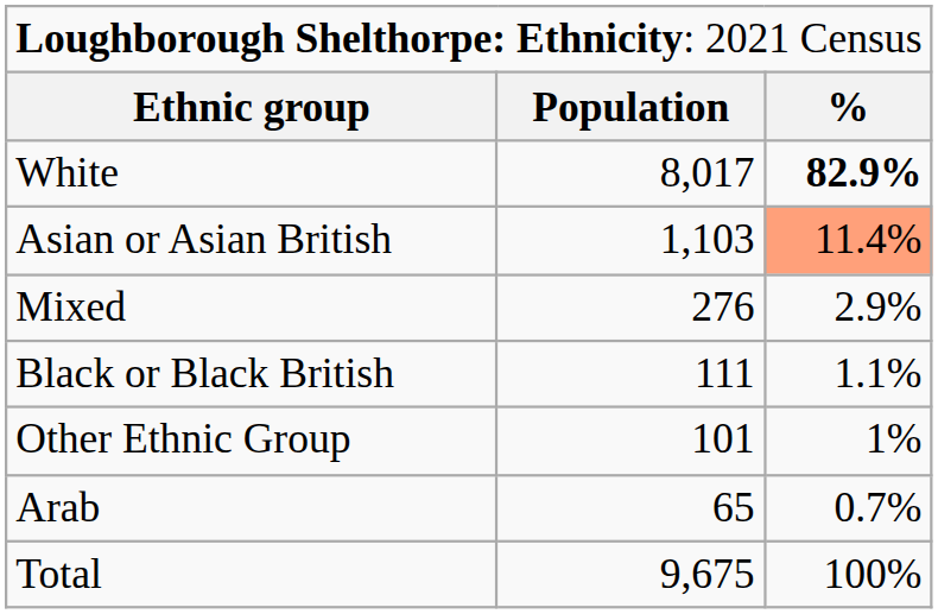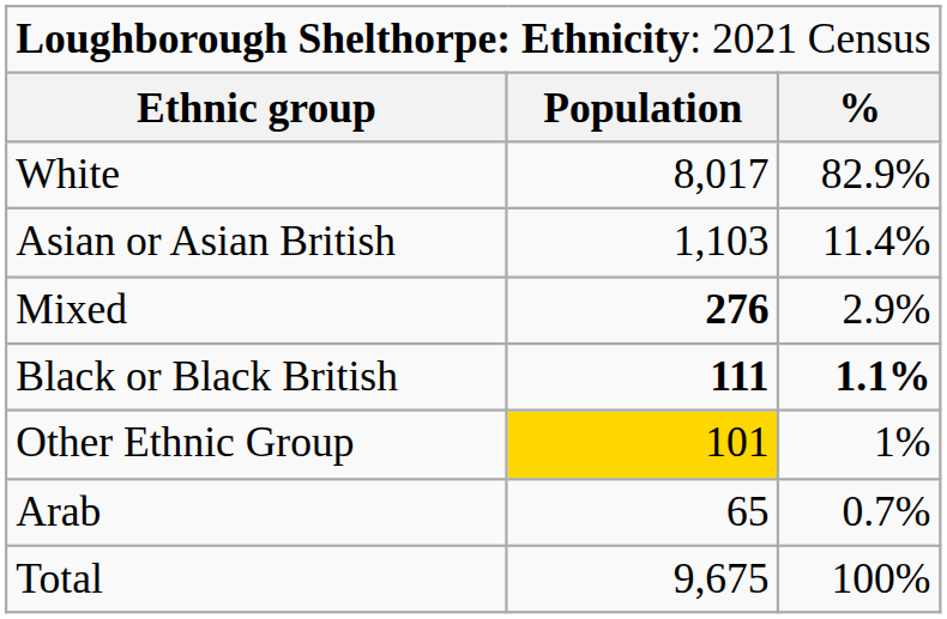 <table class="wikitable">
 <tr>
 <td colspan="14" style="text-align:right;"><strong>Loughborough Shelthorpe: Ethnicity</strong>: 2021 Census</td>
 </tr>
 <tr>
 <th>Ethnic group</th>
 <th>Population</th>
 <th>%</th>
 </tr>
 <tr>
 <td>White</td>
 <td style="text-align:right;">8,017</td>
-<td style="text-align:right;"><strong>82.9%</strong></td>
+<td style="text-align:right;">82.9%</td>
 </tr>
 <tr>
 <td>Asian or Asian British</td>
 <td style="text-align:right;">1,103</td>
-<td style="background: lightsalmon; text-align:right;">11.4%</td>
+<td style="text-align:right;">11.4%</td>
 </tr>
 <tr>
 <td>Mixed</td>
-<td style="text-align:right;">276</td>
+<td style="text-align:right;"><strong>276</strong></td>
 <td style="text-align:right;">2.9%</td>
 </tr>
 <tr>
 <td>Black or Black British</td>
-<td style="text-align:right;">111</td>
-<td style="text-align:right;">1.1%</td>
+<td style="text-align:right;"><strong>111</strong></td>
+<td style="text-align:right;"><strong>1.1%</strong></td>
 </tr>
 <tr>
 <td>Other Ethnic Group</td>
-<td style="text-align:right;">101</td>
+<td style="background: gold; text-align:right;">101</td>
 <td style="text-align:right;">1%</td>
 </tr>
 <tr>
 <td>Arab</td>
 <td style="text-align:right;">65</td>
 <td style="text-align:right;">0.7%</td>
 </tr>
 <tr>
 <td>Total</td>
 <td style="text-align:right;">9,675</td>
 <td style="text-align:right;">100%</td>
 </tr>
 </table>
